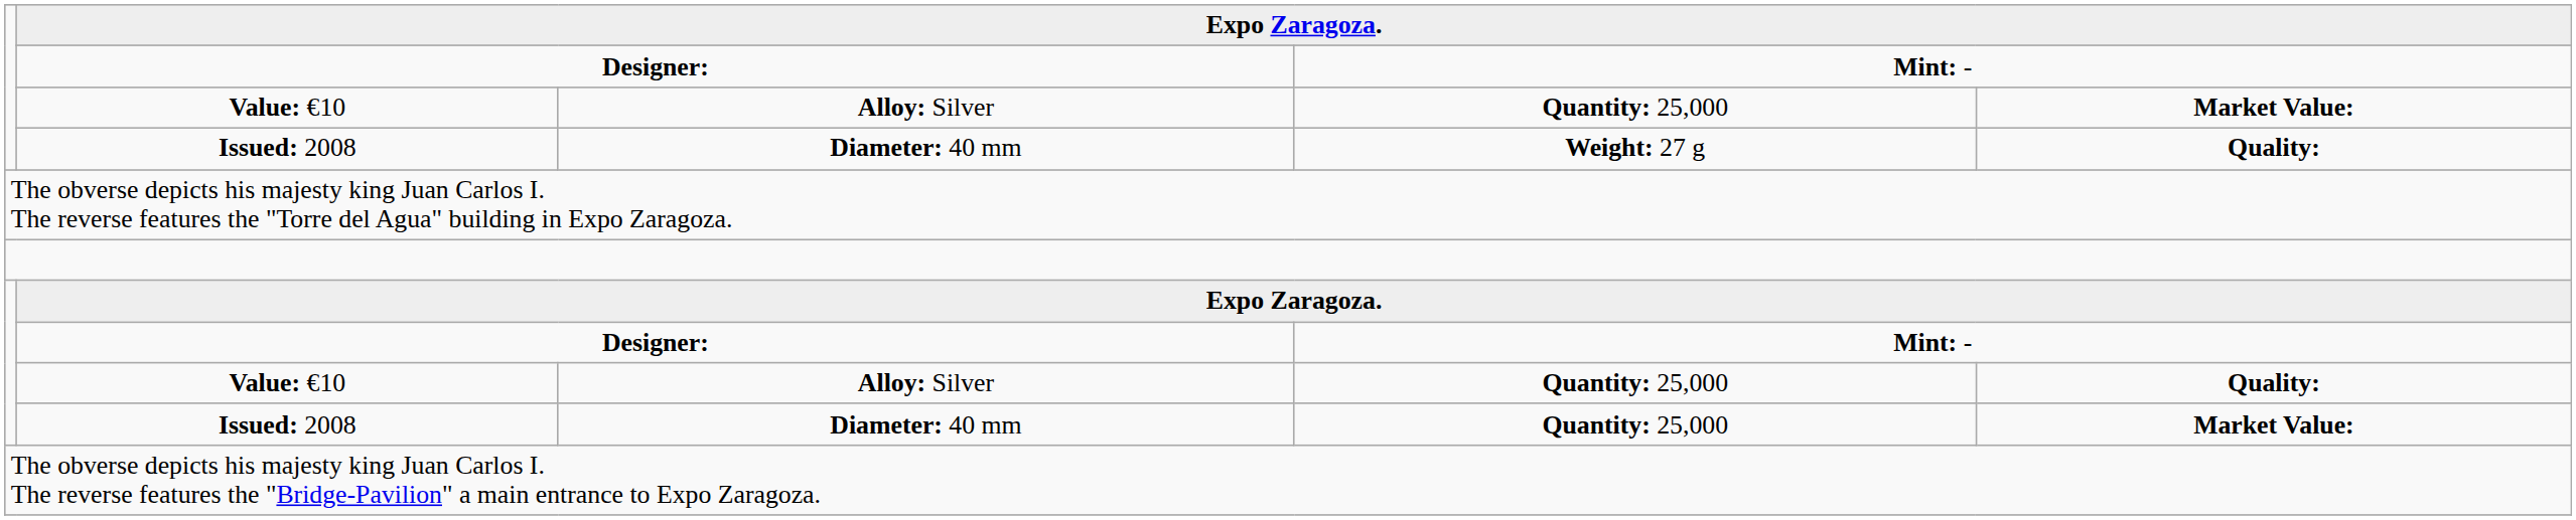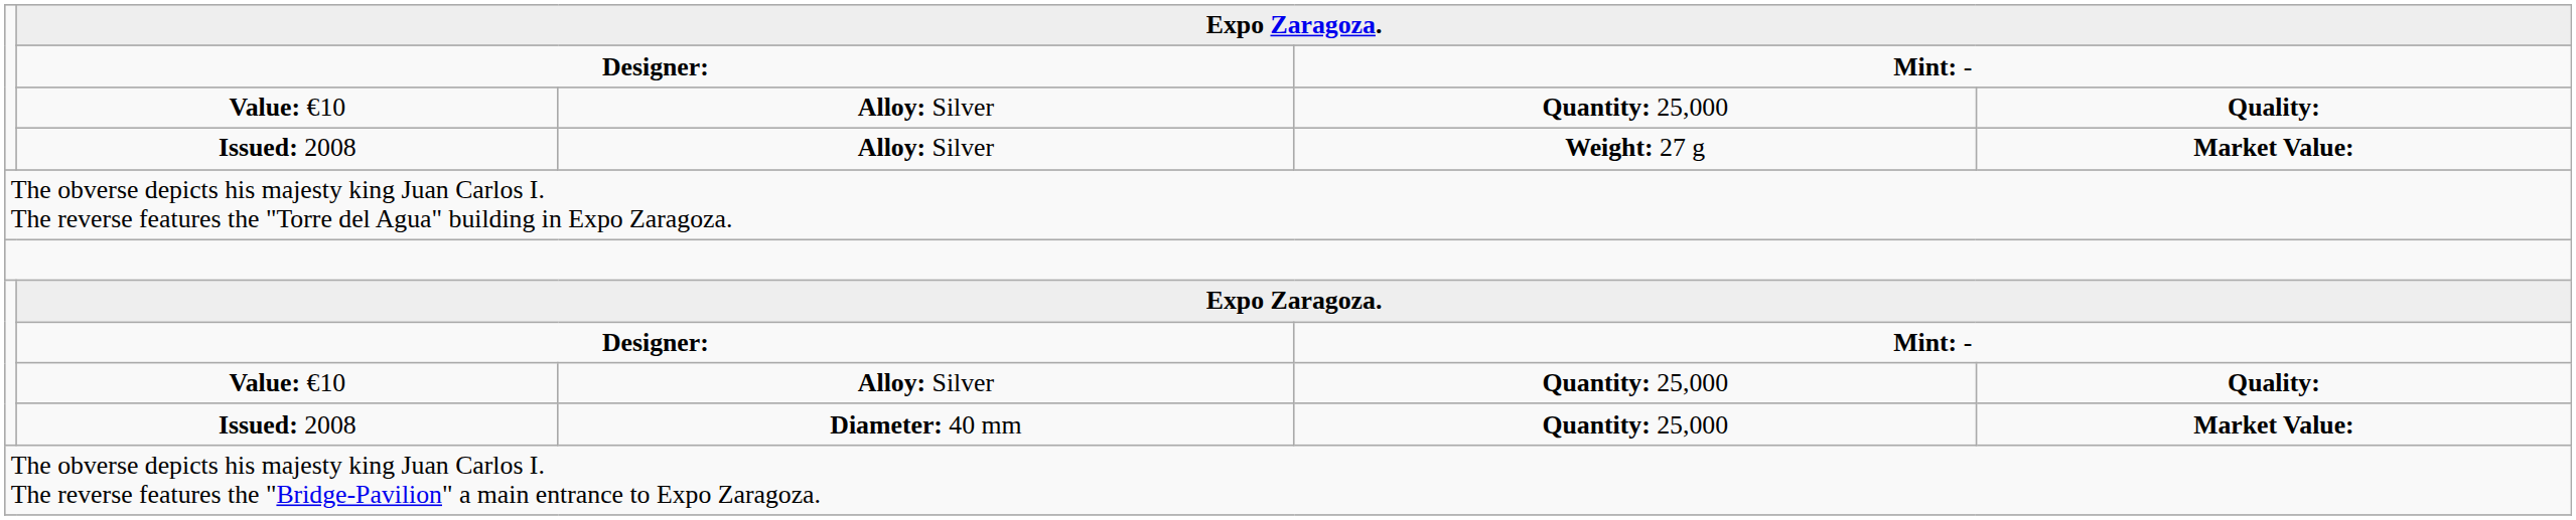 <table class="wikitable" style="width:100%; margin:1em auto; text-align:center;">
 <tr>
 <td rowspan="4"  style="white-space:nowrap; width:330px;"></td>
 <th colspan="4"  style="background:#eee;">Expo <a href='#'>Zaragoza</a>.</th>
 </tr>
 <tr>
 <td colspan="2"  style="width:50%; "><strong>Designer:</strong></td>
 <td colspan="2"  style="width:50%; "><strong>Mint:</strong> -</td>
 </tr>
 <tr>
 <td><strong>Value:</strong> €10</td>
 <td><strong>Alloy:</strong> Silver</td>
 <td><strong>Quantity:</strong> 25,000</td>
-<td><strong>Market Value:</strong></td>
+<td><strong>Quality:</strong></td>
 </tr>
 <tr>
 <td><strong>Issued:</strong> 2008</td>
-<td><strong>Diameter:</strong> 40 mm</td>
+<td><strong>Alloy:</strong> Silver</td>
 <td><strong>Weight:</strong> 27 g</td>
-<td><strong>Quality:</strong></td>
+<td><strong>Market Value:</strong></td>
 </tr>
 <tr>
 <td colspan="5" style="text-align:left;">The obverse depicts his majesty king Juan Carlos I.<br>The reverse features the "Torre del Agua" building in Expo Zaragoza.</td>
 </tr>
 <tr>
 <td colspan="5"> </td>
 </tr>
 <tr>
 <td rowspan="4" style="white-space:nowrap; width:330px;"></td>
 <th colspan="4" style="background:#eee;">Expo Zaragoza.</th>
 </tr>
 <tr>
 <td colspan="2"  style="width:50%; "><strong>Designer:</strong></td>
 <td colspan="2"  style="width:50%; "><strong>Mint:</strong> -</td>
 </tr>
 <tr>
 <td><strong>Value:</strong> €10</td>
 <td><strong>Alloy:</strong> Silver</td>
 <td><strong>Quantity:</strong> 25,000</td>
 <td><strong>Quality:</strong></td>
 </tr>
 <tr>
 <td><strong>Issued:</strong> 2008</td>
 <td><strong>Diameter:</strong> 40 mm</td>
 <td><strong>Quantity:</strong> 25,000</td>
 <td><strong>Market Value:</strong></td>
 </tr>
 <tr>
 <td colspan="5" style="text-align:left;">The obverse depicts his majesty king Juan Carlos I.<br>The reverse features the "<a href='#'>Bridge-Pavilion</a>" a main entrance to Expo Zaragoza.</td>
 </tr>
 </table>
